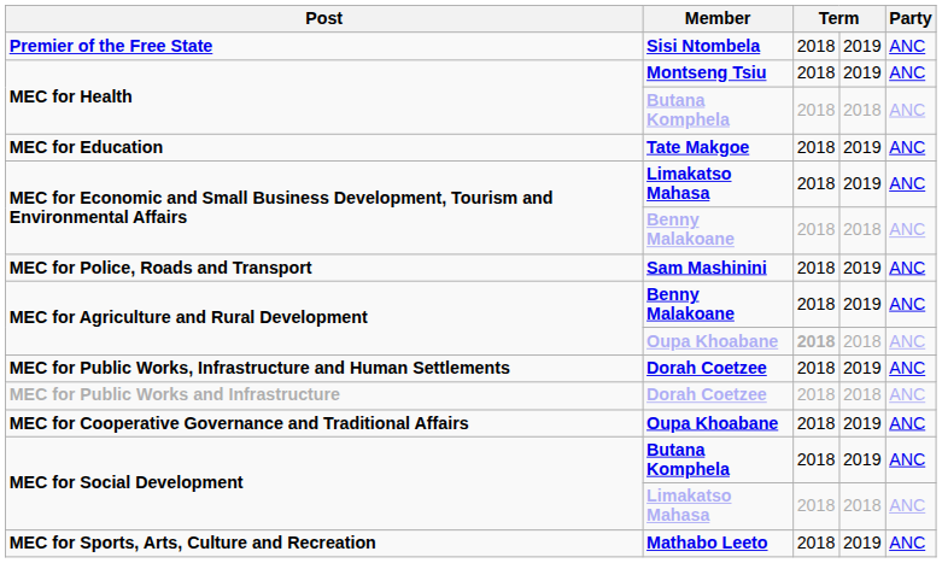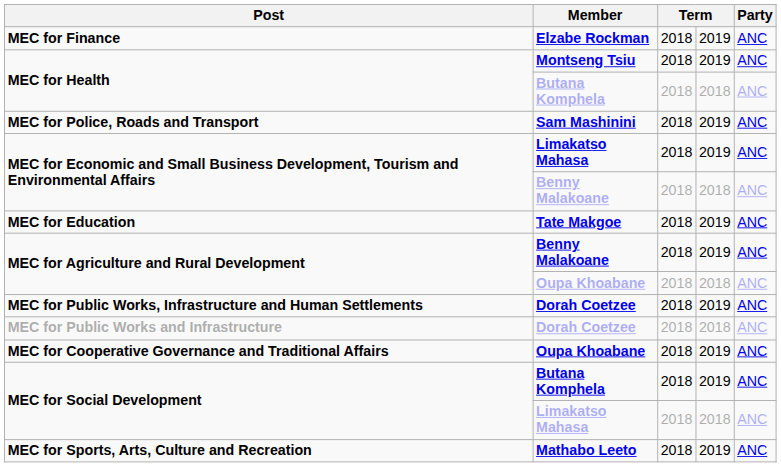 <table class="wikitable">
 <tr>
 <th>Post</th>
 <th>Member</th>
 <th colspan="2">Term</th>
 <th>Party</th>
 </tr>
 <tr>
-<td><strong><a href='#'>Premier of the Free State</a></strong></td>
-<td><strong><a href='#'>Sisi Ntombela</a></strong></td>
+<td><strong>MEC for Finance</strong></td>
+<td><strong><a href='#'>Elzabe Rockman</a></strong></td>
 <td>2018</td>
 <td>2019</td>
 <td><a href='#'>ANC</a></td>
 </tr>
 <tr>
 <td rowspan="2"><strong>MEC for Health</strong></td>
 <td><strong><a href='#'>Montseng Tsiu</a></strong></td>
 <td>2018</td>
 <td>2019</td>
 <td><a href='#'>ANC</a></td>
 </tr>
 <tr style="opacity:.3;">
 <td><a href='#'><strong>Butana Komphela</strong></a></td>
 <td>2018</td>
 <td>2018</td>
 <td><a href='#'>ANC</a></td>
 </tr>
 <tr>
-<td><strong>MEC for Education</strong></td>
-<td><strong><a href='#'>Tate Makgoe</a></strong></td>
+<td><strong>MEC for Police, Roads and Transport</strong></td>
+<td><strong><a href='#'>Sam Mashinini</a></strong></td>
 <td>2018</td>
 <td>2019</td>
 <td><a href='#'>ANC</a></td>
 </tr>
 <tr>
 <td rowspan="2"><strong>MEC for Economic and Small Business Development, Tourism and Environmental Affairs</strong></td>
 <td><strong><a href='#'>Limakatso Mahasa</a></strong></td>
 <td>2018</td>
 <td>2019</td>
 <td><a href='#'>ANC</a></td>
 </tr>
 <tr style="opacity:.3;">
 <td><strong><a href='#'>Benny Malakoane</a></strong></td>
 <td>2018</td>
 <td>2018</td>
 <td><a href='#'>ANC</a></td>
 </tr>
 <tr>
-<td><strong>MEC for Police, Roads and Transport</strong></td>
-<td><strong><a href='#'>Sam Mashinini</a></strong></td>
+<td><strong>MEC for Education</strong></td>
+<td><strong><a href='#'>Tate Makgoe</a></strong></td>
 <td>2018</td>
 <td>2019</td>
 <td><a href='#'>ANC</a></td>
 </tr>
 <tr>
 <td rowspan="2"><strong>MEC for Agriculture and Rural Development</strong></td>
 <td><strong><a href='#'>Benny Malakoane</a></strong></td>
 <td>2018</td>
 <td>2019</td>
 <td><a href='#'>ANC</a></td>
 </tr>
 <tr style="opacity:.3;">
 <td><strong><a href='#'>Oupa Khoabane</a></strong></td>
-<td><strong>2018</strong></td>
+<td>2018</td>
 <td>2018</td>
 <td><a href='#'>ANC</a></td>
 </tr>
 <tr>
 <td><strong>MEC for Public Works, Infrastructure and Human Settlements</strong></td>
 <td><strong><a href='#'>Dorah Coetzee</a></strong></td>
 <td>2018</td>
 <td>2019</td>
 <td><a href='#'>ANC</a></td>
 </tr>
 <tr style="opacity:.3;">
 <td><strong>MEC for Public Works and Infrastructure</strong></td>
 <td><strong><a href='#'>Dorah Coetzee</a></strong></td>
 <td>2018</td>
 <td>2018</td>
 <td><a href='#'>ANC</a></td>
 </tr>
 <tr>
 <td><strong>MEC for Cooperative Governance and Traditional Affairs</strong></td>
 <td><strong><a href='#'>Oupa Khoabane</a></strong></td>
 <td>2018</td>
 <td>2019</td>
 <td><a href='#'>ANC</a></td>
 </tr>
 <tr>
 <td rowspan="2"><strong>MEC for Social Development</strong></td>
 <td><a href='#'><strong>Butana Komphela</strong></a></td>
 <td>2018</td>
 <td>2019</td>
 <td><a href='#'>ANC</a></td>
 </tr>
 <tr style="opacity:.3;">
 <td><strong><a href='#'>Limakatso Mahasa</a></strong></td>
 <td>2018</td>
 <td>2018</td>
 <td><a href='#'>ANC</a></td>
 </tr>
 <tr>
 <td><strong>MEC for Sports, Arts, Culture and Recreation</strong></td>
 <td><strong><a href='#'>Mathabo Leeto</a></strong></td>
 <td>2018</td>
 <td>2019</td>
 <td><a href='#'>ANC</a></td>
 </tr>
 </table>
